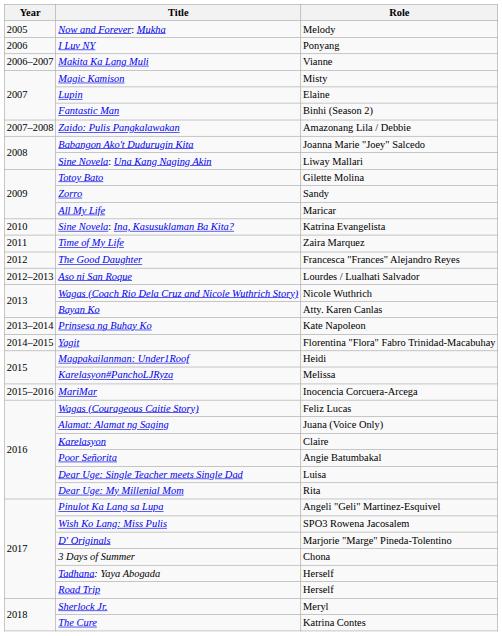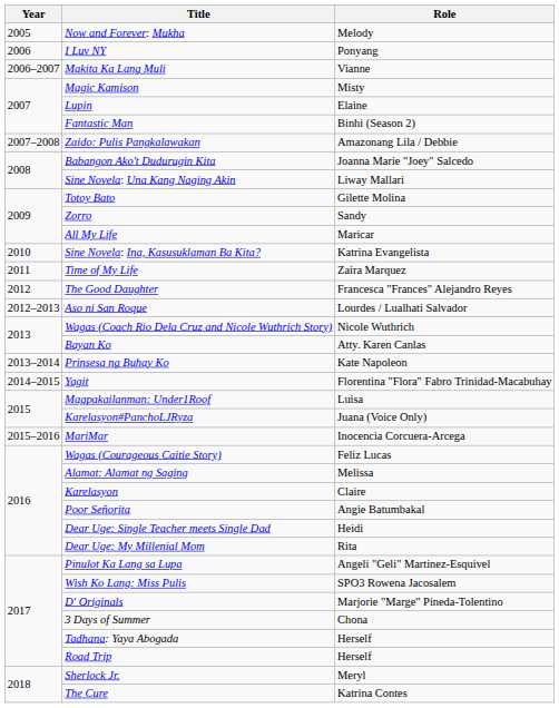 <table class="wikitable sortable">
 <tr>
 <th>Year</th>
 <th>Title</th>
 <th>Role</th>
 </tr>
 <tr>
 <td>2005</td>
 <td><em><a href='#'>Now and Forever</a></em>: <em><a href='#'>Mukha</a></em></td>
 <td>Melody</td>
 </tr>
 <tr>
 <td>2006</td>
 <td><em><a href='#'>I Luv NY</a></em></td>
 <td>Ponyang</td>
 </tr>
 <tr>
 <td>2006–2007</td>
 <td><em><a href='#'>Makita Ka Lang Muli</a></em></td>
 <td>Vianne</td>
 </tr>
 <tr>
 <td rowspan="3">2007</td>
 <td><em><a href='#'>Magic Kamison</a></em></td>
 <td>Misty</td>
 </tr>
 <tr>
 <td><em><a href='#'>Lupin</a></em></td>
 <td>Elaine</td>
 </tr>
 <tr>
 <td><em><a href='#'>Fantastic Man</a></em></td>
 <td>Binhi (Season 2)</td>
 </tr>
 <tr>
 <td>2007–2008</td>
 <td><em><a href='#'>Zaido: Pulis Pangkalawakan</a></em></td>
 <td>Amazonang Lila / Debbie</td>
 </tr>
 <tr>
 <td rowspan="2">2008</td>
 <td><em><a href='#'>Babangon Ako't Dudurugin Kita</a></em></td>
 <td>Joanna Marie "Joey" Salcedo</td>
 </tr>
 <tr>
 <td><em><a href='#'>Sine Novela</a></em>: <em><a href='#'>Una Kang Naging Akin</a></em></td>
 <td>Liway Mallari</td>
 </tr>
 <tr>
 <td rowspan="3">2009</td>
 <td><em><a href='#'>Totoy Bato</a></em></td>
 <td>Gilette Molina</td>
 </tr>
 <tr>
 <td><em><a href='#'>Zorro</a></em></td>
 <td>Sandy</td>
 </tr>
 <tr>
 <td><em><a href='#'>All My Life</a></em></td>
 <td>Maricar</td>
 </tr>
 <tr>
 <td>2010</td>
 <td><em><a href='#'>Sine Novela</a></em>: <em><a href='#'>Ina, Kasusuklaman Ba Kita?</a></em></td>
 <td>Katrina Evangelista</td>
 </tr>
 <tr>
 <td>2011</td>
 <td><em><a href='#'>Time of My Life</a></em></td>
 <td>Zaira Marquez</td>
 </tr>
 <tr>
 <td>2012</td>
 <td><em><a href='#'>The Good Daughter</a></em></td>
 <td>Francesca "Frances" Alejandro Reyes</td>
 </tr>
 <tr>
 <td>2012–2013</td>
 <td><em><a href='#'>Aso ni San Roque</a></em></td>
 <td>Lourdes / Lualhati Salvador</td>
 </tr>
 <tr>
 <td rowspan="2">2013</td>
 <td><em><a href='#'>Wagas (Coach Rio Dela Cruz and Nicole Wuthrich Story)</a></em></td>
 <td>Nicole Wuthrich</td>
 </tr>
 <tr>
 <td><em><a href='#'>Bayan Ko</a></em></td>
 <td>Atty. Karen Canlas</td>
 </tr>
 <tr>
 <td>2013–2014</td>
 <td><em><a href='#'>Prinsesa ng Buhay Ko</a></em></td>
 <td>Kate Napoleon</td>
 </tr>
 <tr>
 <td>2014–2015</td>
 <td><em><a href='#'>Yagit</a></em></td>
 <td>Florentina "Flora" Fabro Trinidad-Macabuhay</td>
 </tr>
 <tr>
 <td rowspan="2">2015</td>
 <td><em><a href='#'>Magpakailanman: Under1Roof</a></em></td>
-<td>Heidi</td>
+<td>Luisa</td>
 </tr>
 <tr>
 <td><em><a href='#'>Karelasyon#PanchoLJRyza</a></em></td>
-<td>Melissa</td>
+<td>Juana (Voice Only)</td>
 </tr>
 <tr>
 <td>2015–2016</td>
 <td><em><a href='#'>MariMar</a></em></td>
 <td>Inocencia Corcuera-Arcega</td>
 </tr>
 <tr>
 <td rowspan="6">2016</td>
 <td><em><a href='#'>Wagas (Courageous Caitie Story)</a></em></td>
 <td>Feliz Lucas</td>
 </tr>
 <tr>
 <td><em><a href='#'>Alamat: Alamat ng Saging</a></em></td>
-<td>Juana (Voice Only)</td>
+<td>Melissa</td>
 </tr>
 <tr>
 <td><em><a href='#'>Karelasyon</a></em></td>
 <td>Claire</td>
 </tr>
 <tr>
 <td><em><a href='#'>Poor Señorita</a></em></td>
 <td>Angie Batumbakal</td>
 </tr>
 <tr>
 <td><em><a href='#'>Dear Uge: Single Teacher meets Single Dad</a></em></td>
-<td>Luisa</td>
+<td>Heidi</td>
 </tr>
 <tr>
 <td><em><a href='#'>Dear Uge: My Millenial Mom</a></em></td>
 <td>Rita</td>
 </tr>
 <tr>
 <td rowspan="6">2017</td>
 <td><em><a href='#'>Pinulot Ka Lang sa Lupa</a></em></td>
 <td>Angeli "Geli" Martinez-Esquivel</td>
 </tr>
 <tr>
 <td><em><a href='#'>Wish Ko Lang: Miss Pulis</a></em></td>
 <td>SPO3 Rowena Jacosalem</td>
 </tr>
 <tr>
 <td><em><a href='#'>D' Originals</a></em></td>
 <td>Marjorie "Marge" Pineda-Tolentino</td>
 </tr>
 <tr>
 <td><em>3 Days of Summer</em></td>
 <td>Chona</td>
 </tr>
 <tr>
 <td><em><a href='#'>Tadhana</a>: Yaya Abogada</em></td>
 <td>Herself</td>
 </tr>
 <tr>
 <td><a href='#'><em>Road Trip</em></a></td>
 <td>Herself</td>
 </tr>
 <tr>
 <td rowspan="2">2018</td>
 <td><em><a href='#'>Sherlock Jr.</a></em></td>
 <td>Meryl</td>
 </tr>
 <tr>
 <td><em><a href='#'>The Cure</a></em></td>
 <td>Katrina Contes</td>
 </tr>
 </table>
